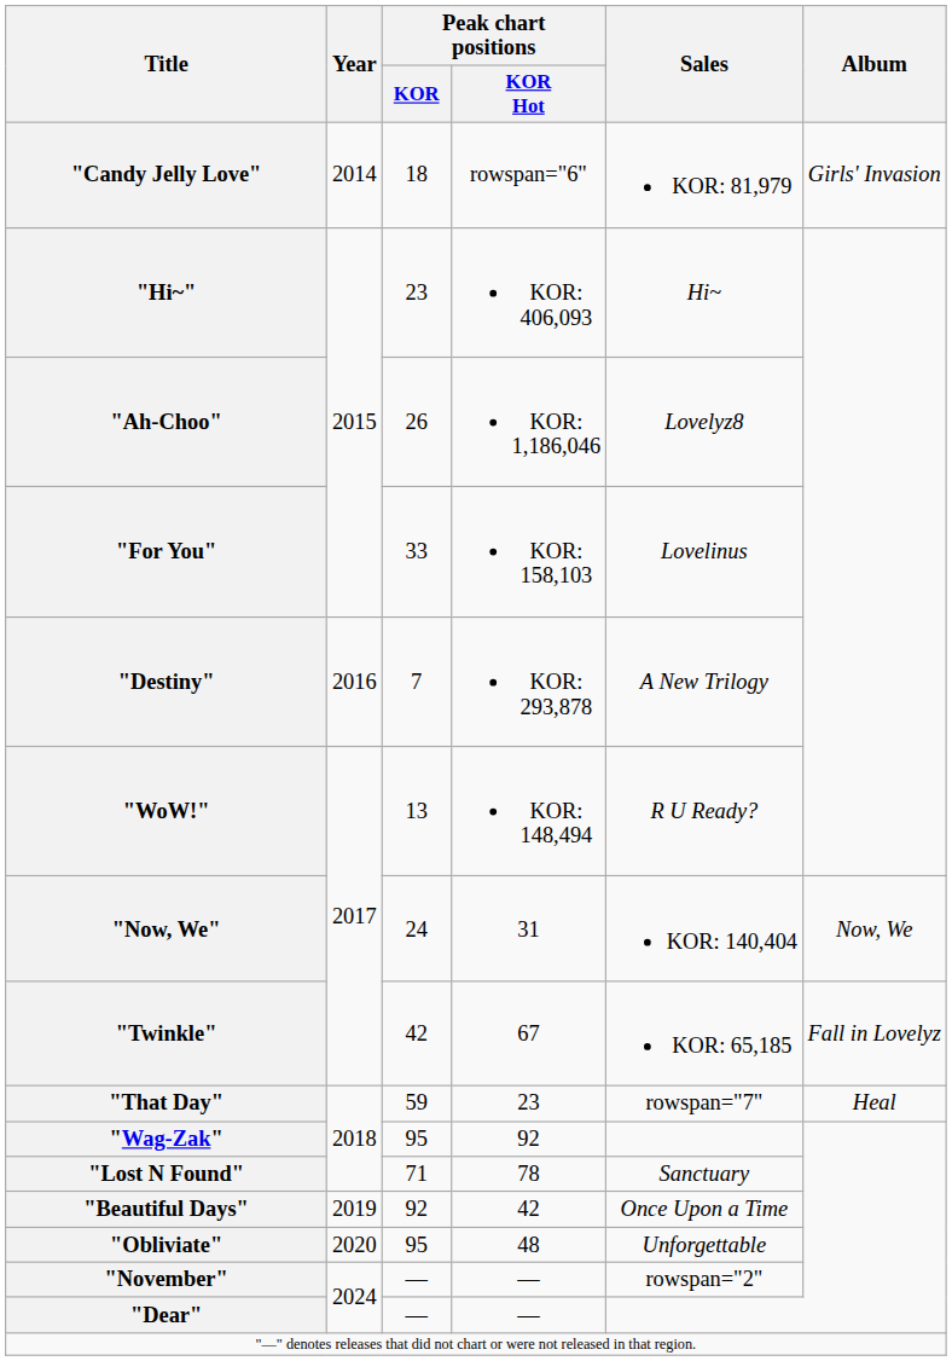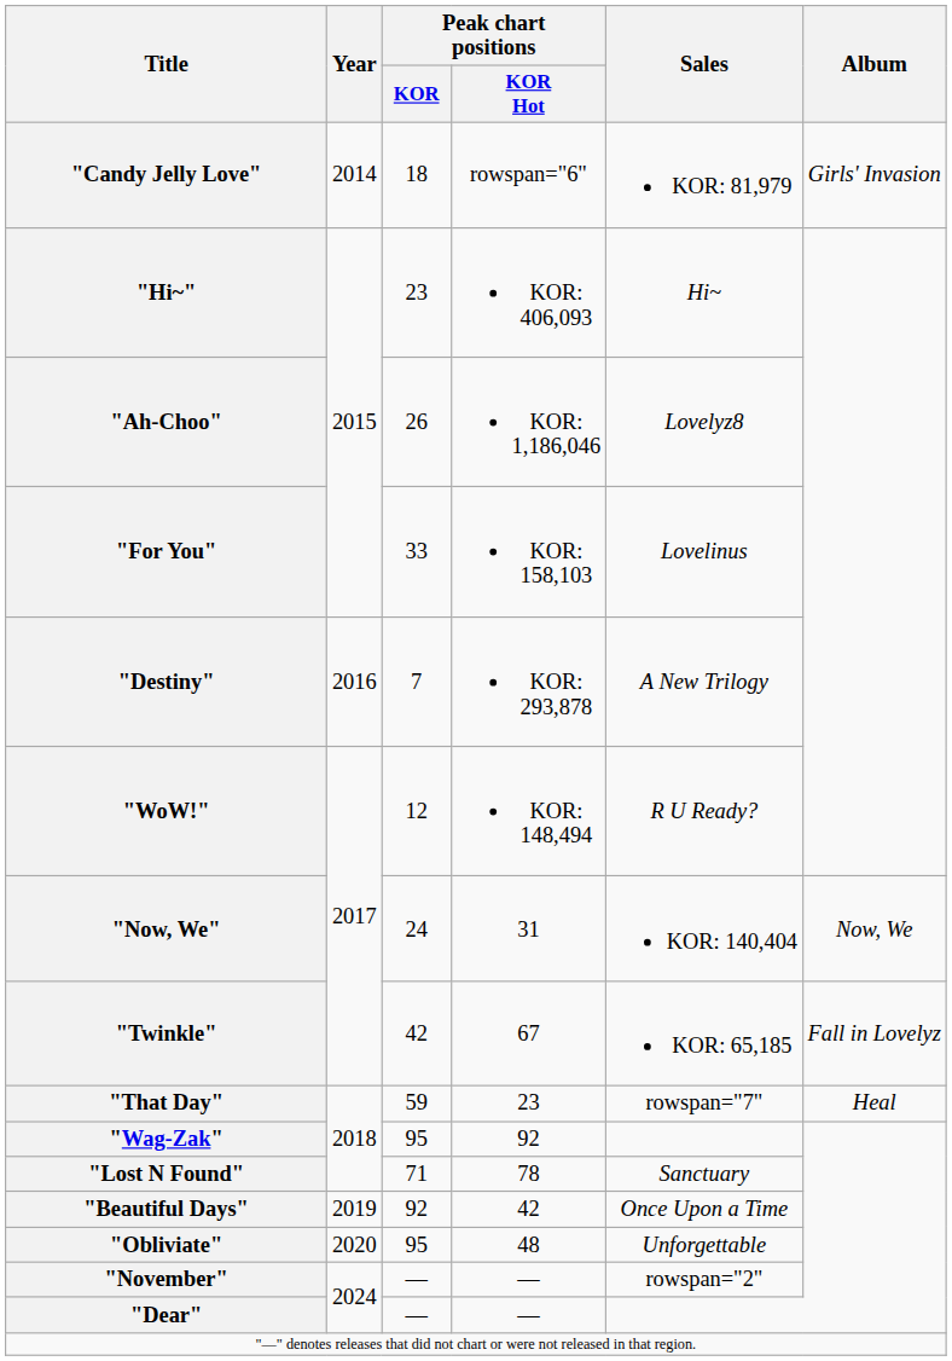 <table class="wikitable plainrowheaders" style="text-align:center;" border="1">
 <tr>
 <th scope="col" rowspan="2" style="width:14em;">Title</th>
 <th scope="col" rowspan="2">Year</th>
 <th scope="col" colspan="2">Peak chart<br>positions</th>
 <th scope="col" rowspan="2">Sales<br></th>
 <th scope="col" rowspan="2">Album</th>
 </tr>
 <tr>
 <th scope="col" style="width:3em;font-size:90%;"><a href='#'>KOR</a><br></th>
 <th scope="col" style="width:3em;font-size:90%;"><a href='#'>KOR<br>Hot</a><br></th>
 </tr>
 <tr>
 <th scope="row">"Candy Jelly Love"</th>
 <td>2014</td>
 <td>18</td>
 <td>rowspan="6" </td>
 <td><br><ul><li>KOR: 81,979</li></ul></td>
 <td><em>Girls' Invasion</em></td>
 </tr>
 <tr>
 <th scope="row">"Hi~" </th>
 <td rowspan="3">2015</td>
 <td>23</td>
 <td><br><ul><li>KOR: 406,093</li></ul></td>
 <td><em>Hi~</em></td>
 </tr>
 <tr>
 <th scope="row">"Ah-Choo"</th>
 <td>26</td>
 <td><br><ul><li>KOR: 1,186,046</li></ul></td>
 <td><em>Lovelyz8</em></td>
 </tr>
 <tr>
 <th scope="row">"For You" </th>
 <td>33</td>
 <td><br><ul><li>KOR: 158,103</li></ul></td>
 <td><em>Lovelinus</em></td>
 </tr>
 <tr>
 <th scope="row">"Destiny" </th>
 <td>2016</td>
 <td>7</td>
 <td><br><ul><li>KOR: 293,878</li></ul></td>
 <td><em>A New Trilogy</em></td>
 </tr>
 <tr>
 <th scope="row">"WoW!"</th>
 <td rowspan="3">2017</td>
-<td>13</td>
+<td>12</td>
 <td><br><ul><li>KOR: 148,494</li></ul></td>
 <td><em>R U Ready?</em></td>
 </tr>
 <tr>
 <th scope="row">"Now, We" </th>
 <td>24</td>
 <td>31</td>
 <td><br><ul><li>KOR: 140,404</li></ul></td>
 <td><em>Now, We</em></td>
 </tr>
 <tr>
 <th scope="row">"Twinkle" </th>
 <td>42</td>
 <td>67</td>
 <td><br><ul><li>KOR: 65,185</li></ul></td>
 <td><em>Fall in Lovelyz</em></td>
 </tr>
 <tr>
 <th scope="row">"That Day" </th>
 <td rowspan="3">2018</td>
 <td>59</td>
 <td>23</td>
 <td>rowspan="7" </td>
 <td><em>Heal</em></td>
 </tr>
 <tr>
 <th scope="row">"<a href='#'>Wag-Zak</a>" </th>
 <td>95</td>
 <td>92</td>
 <td></td>
 </tr>
 <tr>
 <th scope="row">"Lost N Found" </th>
 <td>71</td>
 <td>78</td>
 <td><em>Sanctuary</em></td>
 </tr>
 <tr>
 <th scope="row">"Beautiful Days" </th>
 <td>2019</td>
 <td>92</td>
 <td>42</td>
 <td><em>Once Upon a Time</em></td>
 </tr>
 <tr>
 <th scope="row">"Obliviate"</th>
 <td>2020</td>
 <td>95</td>
 <td>48</td>
 <td><em>Unforgettable</em></td>
 </tr>
 <tr>
 <th scope="row">"November" </th>
 <td rowspan="2">2024</td>
 <td>—</td>
 <td>—</td>
 <td>rowspan="2" </td>
 </tr>
 <tr>
 <th scope="row">"Dear"</th>
 <td>—</td>
 <td>—</td>
 </tr>
 <tr>
 <td colspan="6" style="font-size:8pt">"—" denotes releases that did not chart or were not released in that region.</td>
 </tr>
 </table>
